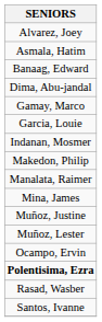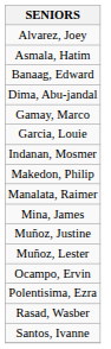 <table class="wikitable" style="text-align:center">
 <tr>
 <th>SENIORS</th>
 </tr>
 <tr>
 <td>Alvarez, Joey</td>
 </tr>
 <tr>
 <td>Asmala, Hatim</td>
 </tr>
 <tr>
 <td>Banaag, Edward</td>
 </tr>
 <tr>
 <td>Dima, Abu-jandal</td>
 </tr>
 <tr>
 <td>Gamay, Marco</td>
 </tr>
 <tr>
 <td>Garcia, Louie</td>
 </tr>
 <tr>
 <td>Indanan, Mosmer</td>
 </tr>
 <tr>
 <td>Makedon, Philip</td>
 </tr>
 <tr>
 <td>Manalata, Raimer</td>
 </tr>
 <tr>
 <td>Mina, James</td>
 </tr>
 <tr>
 <td>Muñoz, Justine</td>
 </tr>
 <tr>
 <td>Muñoz, Lester</td>
 </tr>
 <tr>
 <td>Ocampo, Ervin</td>
 </tr>
 <tr>
-<td><strong>Polentisima, Ezra</strong></td>
+<td>Polentisima, Ezra</td>
 </tr>
 <tr>
 <td>Rasad, Wasber</td>
 </tr>
 <tr>
 <td>Santos, Ivanne</td>
 </tr>
 <tr>
 </tr>
 </table>
